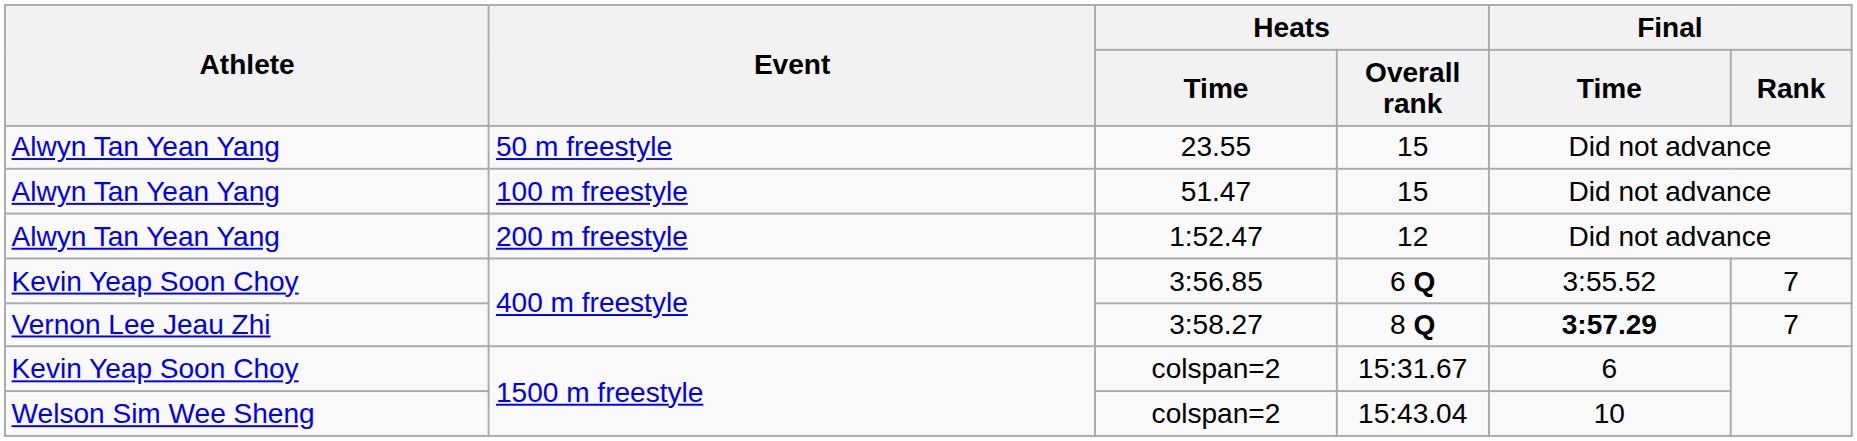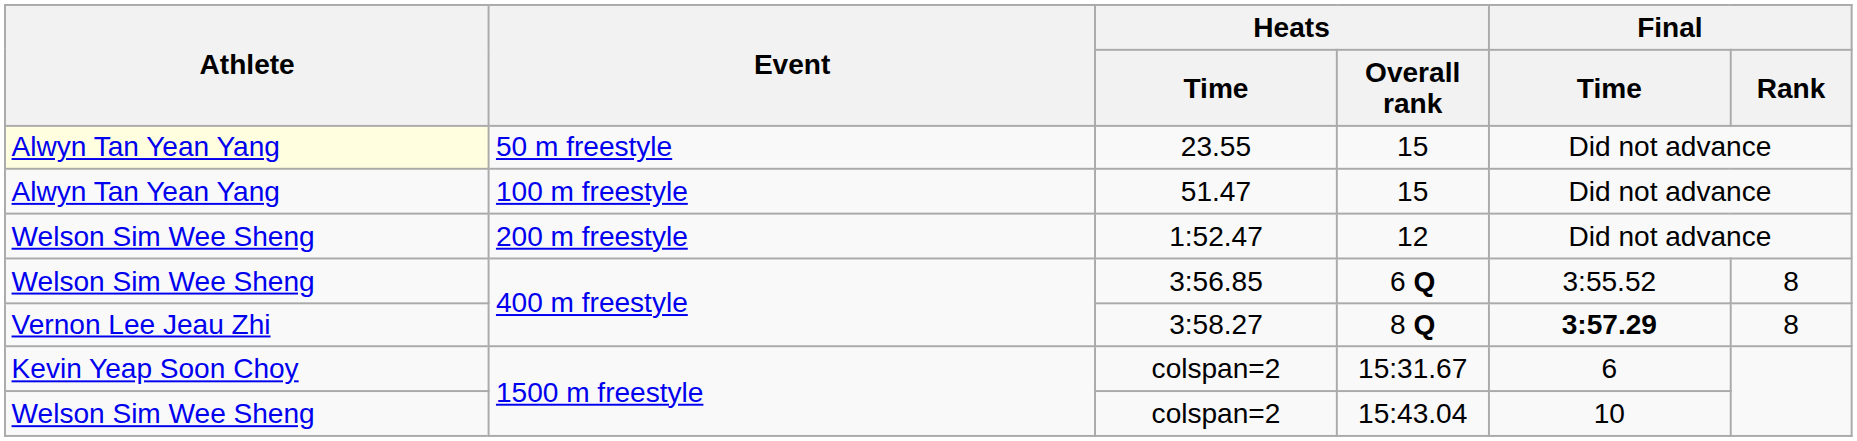 <table class="wikitable" width="75%" style="text-align:center; font-size:90%">
 <tr>
 <th rowspan="2" width="20%">Athlete</th>
 <th rowspan="2" width="25%">Event</th>
 <th colspan="2" width="15%">Heats</th>
 <th colspan="2" width="15%">Final</th>
 </tr>
 <tr>
 <th width="10%">Time</th>
 <th>Overall rank</th>
 <th width="10%">Time</th>
 <th>Rank</th>
 </tr>
 <tr>
-<td align=left><a href='#'>Alwyn Tan Yean Yang</a></td>
+<td align=left style="background: lightyellow;"><a href='#'>Alwyn Tan Yean Yang</a></td>
 <td align=left><a href='#'>50 m freestyle</a></td>
 <td>23.55</td>
 <td>15</td>
 <td colspan=2>Did not advance</td>
 </tr>
 <tr>
 <td align=left><a href='#'>Alwyn Tan Yean Yang</a></td>
 <td align=left><a href='#'>100 m freestyle</a></td>
 <td>51.47</td>
 <td>15</td>
 <td colspan=2>Did not advance</td>
 </tr>
 <tr>
-<td align=left><a href='#'>Alwyn Tan Yean Yang</a></td>
+<td align=left><a href='#'>Welson Sim Wee Sheng</a></td>
 <td align=left><a href='#'>200 m freestyle</a></td>
 <td>1:52.47</td>
 <td>12</td>
 <td colspan=2>Did not advance</td>
 </tr>
 <tr>
-<td align=left><a href='#'>Kevin Yeap Soon Choy</a></td>
+<td align=left><a href='#'>Welson Sim Wee Sheng</a></td>
 <td align=left rowspan=2><a href='#'>400 m freestyle</a></td>
 <td>3:56.85</td>
 <td>6 <strong>Q</strong></td>
 <td>3:55.52</td>
-<td>7</td>
+<td>8</td>
 </tr>
 <tr>
 <td align=left><a href='#'>Vernon Lee Jeau Zhi</a></td>
 <td>3:58.27</td>
 <td>8 <strong>Q</strong></td>
 <td><strong>3:57.29</strong></td>
-<td>7</td>
+<td>8</td>
 </tr>
 <tr>
 <td align=left><a href='#'>Kevin Yeap Soon Choy</a></td>
 <td align=left rowspan=2><a href='#'>1500 m freestyle</a></td>
 <td>colspan=2 </td>
 <td>15:31.67</td>
 <td>6</td>
 </tr>
 <tr>
 <td align=left><a href='#'>Welson Sim Wee Sheng</a></td>
 <td>colspan=2 </td>
 <td>15:43.04</td>
 <td>10</td>
 </tr>
 </table>
